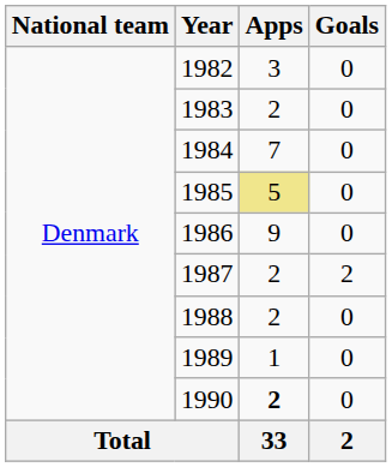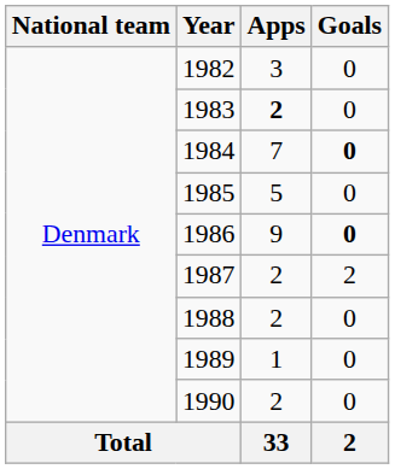 <table class="wikitable" style="text-align:center">
 <tr>
 <th>National team</th>
 <th>Year</th>
 <th>Apps</th>
 <th>Goals</th>
 </tr>
 <tr>
 <td rowspan="9"><a href='#'>Denmark</a></td>
 <td>1982</td>
 <td>3</td>
 <td>0</td>
 </tr>
 <tr>
 <td>1983</td>
-<td>2</td>
+<td><strong>2</strong></td>
 <td>0</td>
 </tr>
 <tr>
 <td>1984</td>
 <td>7</td>
-<td>0</td>
+<td><strong>0</strong></td>
 </tr>
 <tr>
 <td>1985</td>
-<td style="background: khaki;">5</td>
+<td>5</td>
 <td>0</td>
 </tr>
 <tr>
 <td>1986</td>
 <td>9</td>
-<td>0</td>
+<td><strong>0</strong></td>
 </tr>
 <tr>
 <td>1987</td>
 <td>2</td>
 <td>2</td>
 </tr>
 <tr>
 <td>1988</td>
 <td>2</td>
 <td>0</td>
 </tr>
 <tr>
 <td>1989</td>
 <td>1</td>
 <td>0</td>
 </tr>
 <tr>
 <td>1990</td>
-<td><strong>2</strong></td>
+<td>2</td>
 <td>0</td>
 </tr>
 <tr>
 <th colspan="2">Total</th>
 <th>33</th>
 <th>2</th>
 </tr>
 </table>
